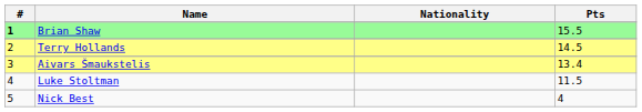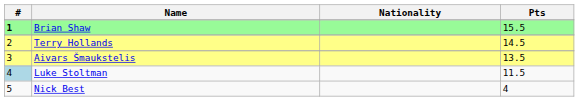 <table class="wikitable" style="display: inline-table;width: 50%;">
 <tr>
 <th>#</th>
 <th>Name</th>
 <th>Nationality</th>
 <th>Pts</th>
 </tr>
 <tr>
 </tr>
 <tr style="background:palegreen">
 <td><strong>1</strong></td>
 <td><a href='#'>Brian Shaw</a></td>
 <td></td>
 <td>15.5</td>
 </tr>
 <tr>
 </tr>
 <tr style="background:#ff8">
 <td>2</td>
 <td><a href='#'>Terry Hollands</a></td>
 <td></td>
 <td>14.5</td>
 </tr>
 <tr>
 </tr>
 <tr style="background:#ff8">
 <td>3</td>
 <td><a href='#'>Aivars Šmaukstelis</a></td>
 <td></td>
-<td>13.4</td>
+<td>13.5</td>
 </tr>
 <tr>
-<td>4</td>
+<td style="background: lightblue;">4</td>
 <td><a href='#'>Luke Stoltman</a></td>
 <td></td>
 <td>11.5</td>
 </tr>
 <tr>
 <td>5</td>
 <td><a href='#'>Nick Best</a></td>
 <td></td>
 <td>4</td>
 </tr>
 </table>
